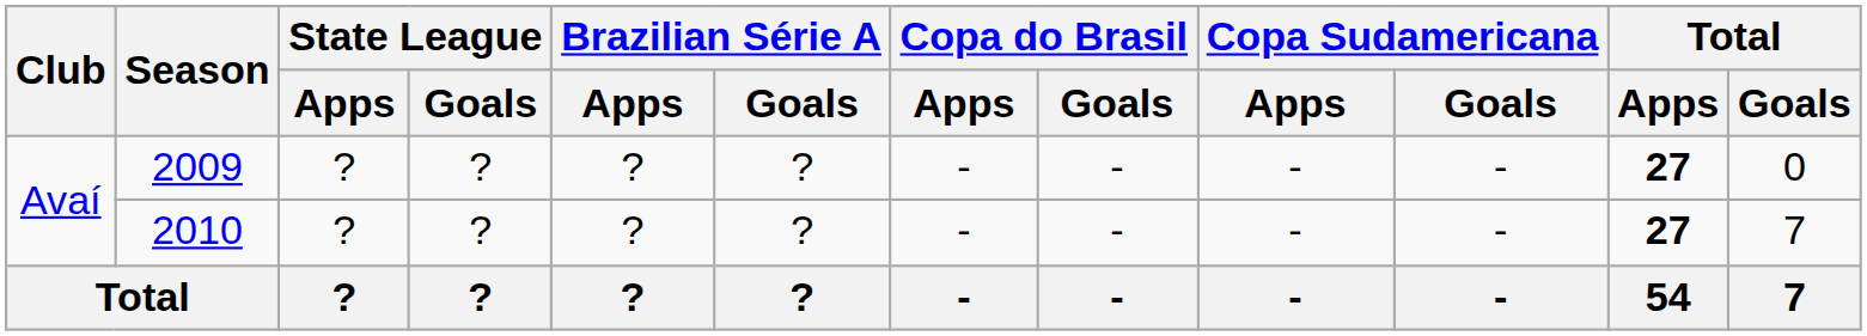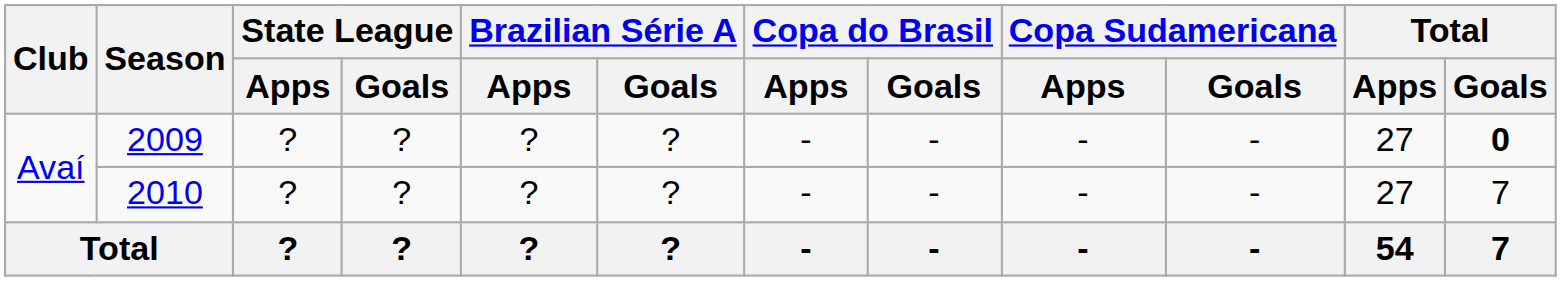 <table class="wikitable" style="text-align: center;">
 <tr>
 <th rowspan="2">Club</th>
 <th rowspan="2">Season</th>
 <th colspan="2">State League</th>
 <th colspan="2"><a href='#'>Brazilian Série A</a></th>
 <th colspan="2"><a href='#'>Copa do Brasil</a></th>
 <th colspan="2"><a href='#'>Copa Sudamericana</a></th>
 <th colspan="2">Total</th>
 </tr>
 <tr>
 <th>Apps</th>
 <th>Goals</th>
 <th>Apps</th>
 <th>Goals</th>
 <th>Apps</th>
 <th>Goals</th>
 <th>Apps</th>
 <th>Goals</th>
 <th>Apps</th>
 <th>Goals</th>
 </tr>
 <tr>
 <td rowspan="2" valign="center"><a href='#'>Avaí</a></td>
 <td><a href='#'>2009</a></td>
 <td>?</td>
 <td>?</td>
 <td>?</td>
 <td>?</td>
 <td>-</td>
 <td>-</td>
 <td>-</td>
 <td>-</td>
-<td><strong>27</strong></td>
-<td>0</td>
+<td>27</td>
+<td><strong>0</strong></td>
 </tr>
 <tr>
 <td><a href='#'>2010</a></td>
 <td>?</td>
 <td>?</td>
 <td>?</td>
 <td>?</td>
 <td>-</td>
 <td>-</td>
 <td>-</td>
 <td>-</td>
-<td><strong>27</strong></td>
+<td>27</td>
 <td>7</td>
 </tr>
 <tr>
 <th colspan="2"><strong>Total</strong></th>
 <th>?</th>
 <th>?</th>
 <th>?</th>
 <th>?</th>
 <th>-</th>
 <th>-</th>
 <th>-</th>
 <th>-</th>
 <th>54</th>
 <th>7</th>
 </tr>
 </table>
